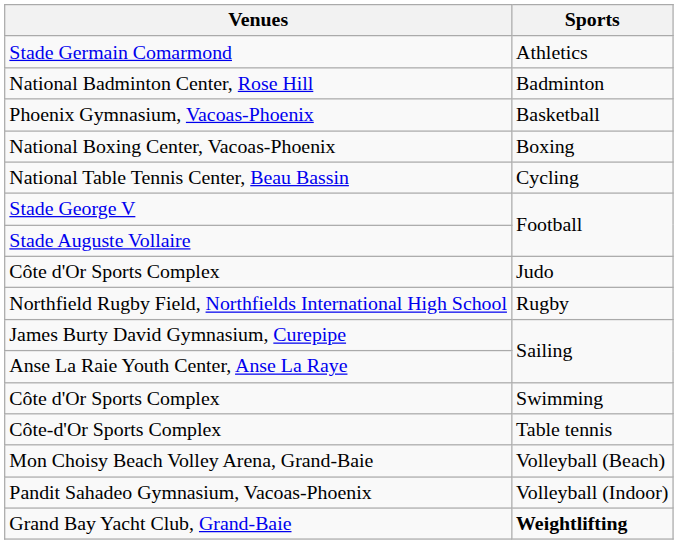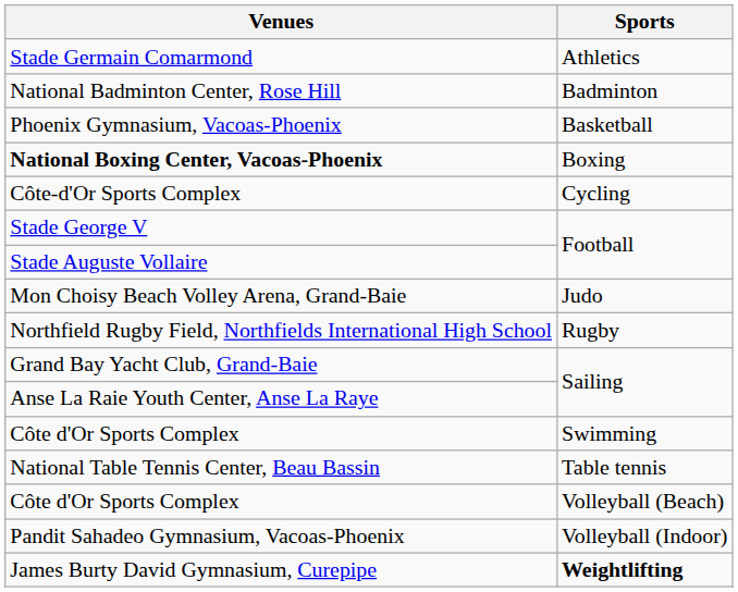 <table class="wikitable collapsible collapsed" style="margin-left:auto;margin-right:auto">
 <tr>
 <th>Venues</th>
 <th>Sports</th>
 </tr>
 <tr>
 <td><a href='#'>Stade Germain Comarmond</a></td>
 <td>Athletics</td>
 </tr>
 <tr>
 <td>National Badminton Center, <a href='#'>Rose Hill</a></td>
 <td>Badminton</td>
 </tr>
 <tr>
 <td>Phoenix Gymnasium, <a href='#'>Vacoas-Phoenix</a></td>
 <td>Basketball</td>
 </tr>
 <tr>
-<td>National Boxing Center, Vacoas-Phoenix</td>
+<td><strong>National Boxing Center, Vacoas-Phoenix</strong></td>
 <td>Boxing</td>
 </tr>
 <tr>
-<td>National Table Tennis Center, <a href='#'>Beau Bassin</a></td>
+<td>Côte-d'Or Sports Complex</td>
 <td>Cycling</td>
 </tr>
 <tr>
 <td><a href='#'>Stade George V</a></td>
 <td rowspan=2>Football</td>
 </tr>
 <tr>
 <td><a href='#'>Stade Auguste Vollaire</a></td>
 </tr>
 <tr>
-<td>Côte d'Or Sports Complex</td>
+<td>Mon Choisy Beach Volley Arena, Grand-Baie</td>
 <td>Judo</td>
 </tr>
 <tr>
 <td>Northfield Rugby Field, <a href='#'>Northfields International High School</a></td>
 <td>Rugby</td>
 </tr>
 <tr>
-<td>James Burty David Gymnasium, <a href='#'>Curepipe</a></td>
+<td>Grand Bay Yacht Club, <a href='#'>Grand-Baie</a></td>
 <td rowspan=2>Sailing</td>
 </tr>
 <tr>
 <td>Anse La Raie Youth Center, <a href='#'>Anse La Raye</a></td>
 </tr>
 <tr>
 <td>Côte d'Or Sports Complex</td>
 <td>Swimming</td>
 </tr>
 <tr>
-<td>Côte-d'Or Sports Complex</td>
+<td>National Table Tennis Center, <a href='#'>Beau Bassin</a></td>
 <td>Table tennis</td>
 </tr>
 <tr>
-<td>Mon Choisy Beach Volley Arena, Grand-Baie</td>
+<td>Côte d'Or Sports Complex</td>
 <td>Volleyball (Beach)</td>
 </tr>
 <tr>
 <td>Pandit Sahadeo Gymnasium, Vacoas-Phoenix</td>
 <td>Volleyball (Indoor)</td>
 </tr>
 <tr>
-<td>Grand Bay Yacht Club, <a href='#'>Grand-Baie</a></td>
+<td>James Burty David Gymnasium, <a href='#'>Curepipe</a></td>
 <td><strong>Weightlifting</strong></td>
 </tr>
 </table>
